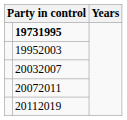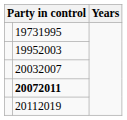 <table class="wikitable">
 <tr>
 <th colspan="2">Party in control</th>
 <th>Years</th>
 </tr>
 <tr>
 <td></td>
-<td><strong>19731995</strong></td>
+<td>19731995</td>
 </tr>
 <tr>
 <td></td>
 <td>19952003</td>
 </tr>
 <tr>
 <td></td>
 <td>20032007</td>
 </tr>
 <tr>
 <td></td>
-<td>20072011</td>
+<td><strong>20072011</strong></td>
 </tr>
 <tr>
 <td></td>
 <td>20112019</td>
 </tr>
 </table>
